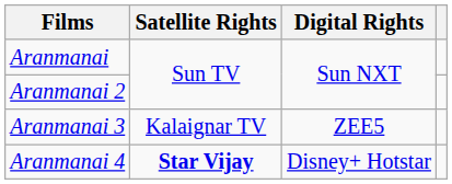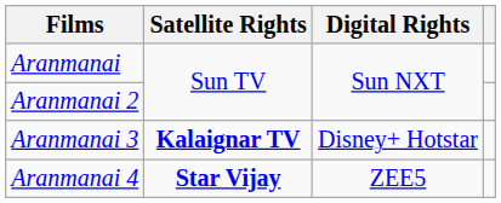 <table class="wikitable" style="text-align:center;">
 <tr>
 <th>Films</th>
 <th>Satellite Rights</th>
 <th>Digital Rights</th>
 <th></th>
 </tr>
 <tr>
 <td style="text-align:left;"><em><a href='#'>Aranmanai</a></em></td>
 <td rowspan="2"><a href='#'>Sun TV</a></td>
 <td rowspan="2"><a href='#'>Sun NXT</a></td>
 <td></td>
 </tr>
 <tr>
 <td style="text-align:left;"><em><a href='#'>Aranmanai 2</a></em></td>
 <td></td>
 </tr>
 <tr>
 <td style="text-align:left;"><em><a href='#'>Aranmanai 3</a></em></td>
-<td><a href='#'>Kalaignar TV</a></td>
-<td><a href='#'>ZEE5</a></td>
+<td><strong><a href='#'>Kalaignar TV</a></strong></td>
+<td><a href='#'>Disney+ Hotstar</a></td>
 <td></td>
 </tr>
 <tr>
 <td style="text-align:left;"><em><a href='#'>Aranmanai 4</a></em></td>
 <td><strong><a href='#'>Star Vijay</a></strong></td>
-<td><a href='#'>Disney+ Hotstar</a></td>
+<td><a href='#'>ZEE5</a></td>
 <td></td>
 </tr>
 </table>
